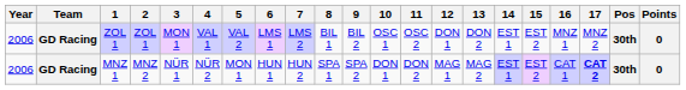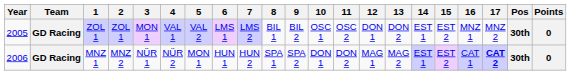 <table class="wikitable" style="text-align:center; font-size:85%">
 <tr>
 <th>Year</th>
 <th>Team</th>
 <th>1</th>
 <th>2</th>
 <th>3</th>
 <th>4</th>
 <th>5</th>
 <th>6</th>
 <th>7</th>
 <th>8</th>
 <th>9</th>
 <th>10</th>
 <th>11</th>
 <th>12</th>
 <th>13</th>
 <th>14</th>
 <th>15</th>
 <th>16</th>
 <th>17</th>
 <th>Pos</th>
 <th>Points</th>
 </tr>
 <tr>
-<td><a href='#'>2006</a></td>
+<td><a href='#'>2005</a></td>
 <th nowrap>GD Racing</th>
 <td style="background:#CFCFFF;"><a href='#'>ZOL<br>1</a><br></td>
 <td style="background:#CFCFFF;"><a href='#'>ZOL<br>1</a><br></td>
 <td style="background:#EFCFFF;"><a href='#'>MON<br>1</a><br></td>
 <td style="background:#CFCFFF;"><a href='#'>VAL<br>1</a><br></td>
 <td style="background:#CFCFFF;"><a href='#'>VAL<br>2</a><br></td>
 <td style="background:#EFCFFF;"><a href='#'>LMS<br>1</a><br></td>
 <td style="background:#CFCFFF;"><a href='#'>LMS<br>2</a><br></td>
 <td><a href='#'>BIL<br>1</a></td>
 <td><a href='#'>BIL<br>2</a></td>
 <td><a href='#'>OSC<br>1</a></td>
 <td><a href='#'>OSC<br>2</a></td>
 <td><a href='#'>DON<br>1</a></td>
 <td><a href='#'>DON<br>2</a></td>
 <td><a href='#'>EST<br>1</a></td>
 <td><a href='#'>EST<br>2</a></td>
 <td><a href='#'>MNZ<br>1</a></td>
 <td><a href='#'>MNZ<br>2</a></td>
 <th>30th</th>
 <th>0</th>
 </tr>
 <tr>
 <td><a href='#'>2006</a></td>
 <th nowrap>GD Racing</th>
 <td><a href='#'>MNZ<br>1</a></td>
 <td><a href='#'>MNZ<br>2</a></td>
 <td><a href='#'>NÜR<br>1</a></td>
 <td><a href='#'>NÜR<br>2</a></td>
 <td><a href='#'>MON<br>1</a></td>
 <td><a href='#'>HUN<br>1</a></td>
 <td><a href='#'>HUN<br>2</a></td>
 <td><a href='#'>SPA<br>1</a></td>
 <td><a href='#'>SPA<br>2</a></td>
 <td><a href='#'>DON<br>1</a></td>
 <td><a href='#'>DON<br>2</a></td>
 <td><a href='#'>MAG<br>1</a></td>
 <td><a href='#'>MAG<br>2</a></td>
 <td style="background:#CFCFFF;"><a href='#'>EST<br>1</a><br></td>
 <td style="background:#EFCFFF;"><a href='#'>EST<br>2</a><br></td>
 <td style="background:#CFCFFF;"><a href='#'>CAT<br>1</a><br></td>
 <td style="background:#CFCFFF;"><strong><a href='#'>CAT<br>2</a><br></strong></td>
 <th>30th</th>
 <th>0</th>
 </tr>
 </table>
